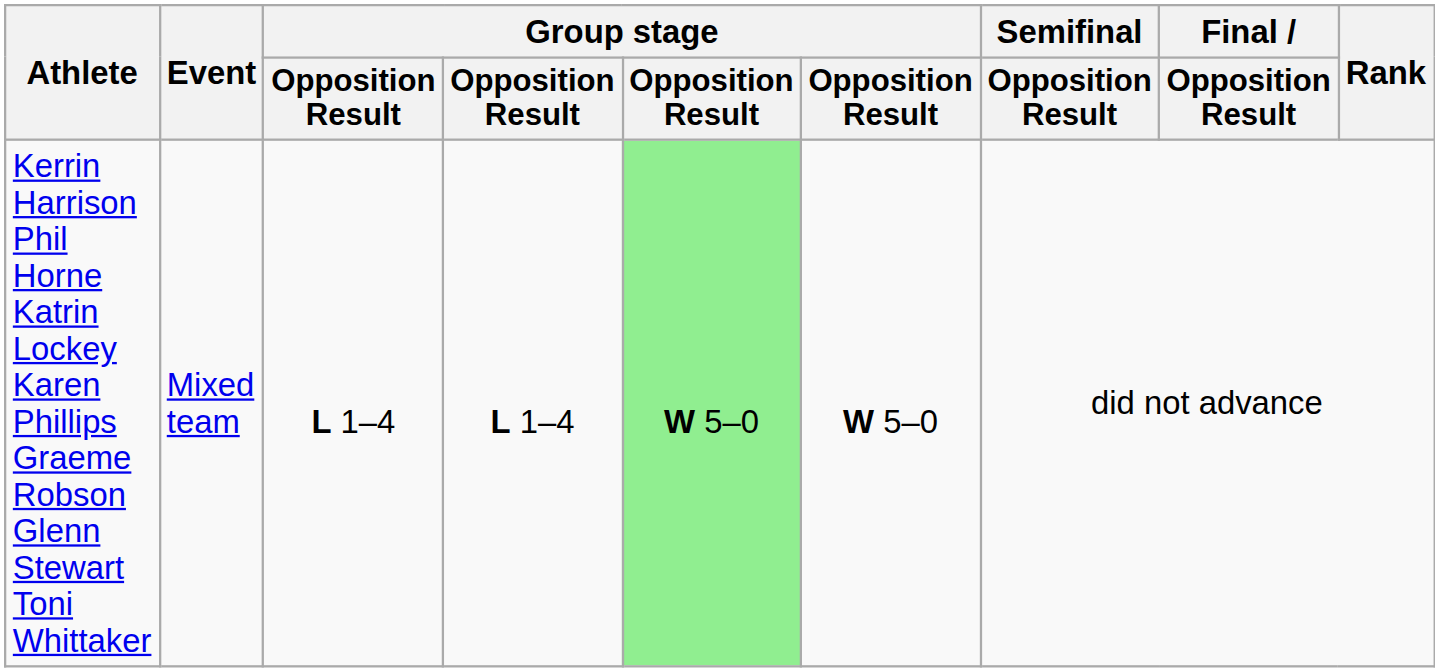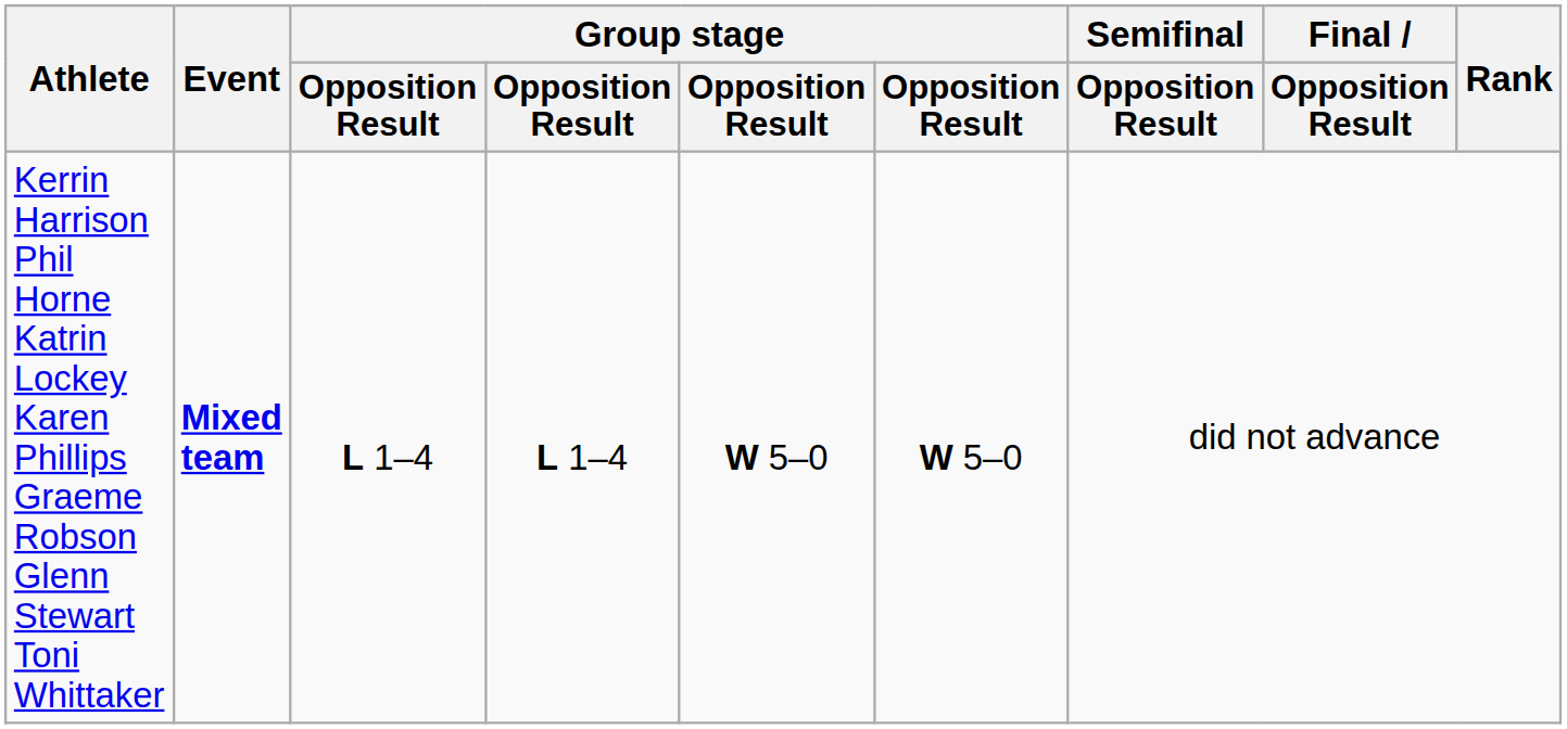 <table class="wikitable" style="font-size:90%">
 <tr>
 <th rowspan="2">Athlete</th>
 <th rowspan="2">Event</th>
 <th colspan="4">Group stage</th>
 <th>Semifinal</th>
 <th>Final / </th>
 <th rowspan="2">Rank</th>
 </tr>
 <tr style="font-size:95%">
 <th>Opposition<br>Result</th>
 <th>Opposition<br>Result</th>
 <th>Opposition<br>Result</th>
 <th>Opposition<br>Result</th>
 <th>Opposition<br>Result</th>
 <th>Opposition<br>Result</th>
 </tr>
 <tr align=center>
 <td align=left><a href='#'>Kerrin Harrison</a><br><a href='#'>Phil Horne</a><br><a href='#'>Katrin Lockey</a><br><a href='#'>Karen Phillips</a><br><a href='#'>Graeme Robson</a><br><a href='#'>Glenn Stewart</a><br><a href='#'>Toni Whittaker</a></td>
-<td align=left><a href='#'>Mixed team</a></td>
+<td align=left><strong><a href='#'>Mixed team</a></strong></td>
 <td><br><strong>L</strong> 1–4</td>
 <td><br><strong>L</strong> 1–4</td>
-<td style="background: lightgreen;"><br><strong>W</strong> 5–0</td>
+<td><br><strong>W</strong> 5–0</td>
 <td><br><strong>W</strong> 5–0</td>
 <td colspan=3>did not advance</td>
 </tr>
 </table>
